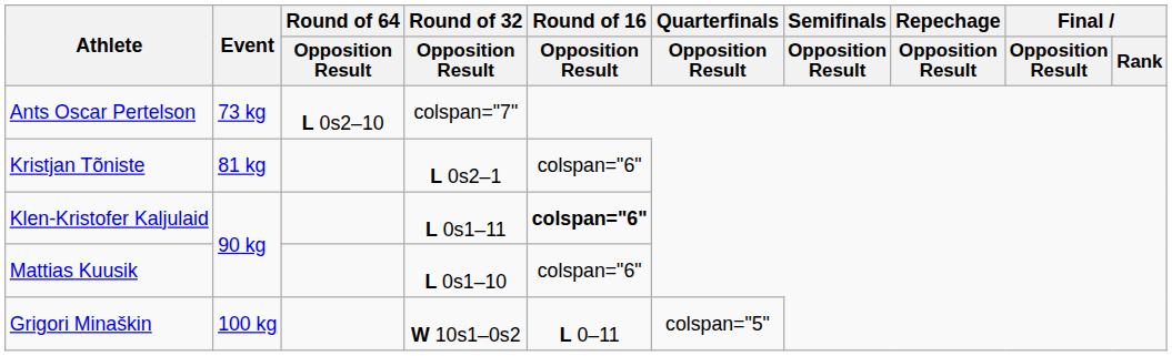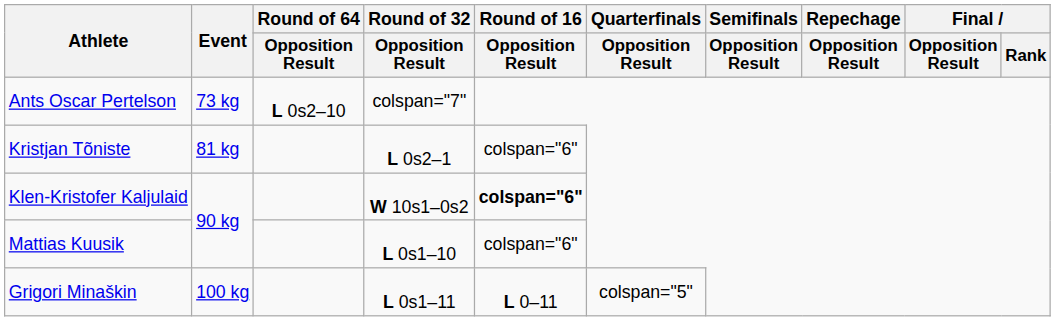 <table class="wikitable" style="font-size:90%">
 <tr>
 <th rowspan="2">Athlete</th>
 <th rowspan="2">Event</th>
 <th>Round of 64</th>
 <th>Round of 32</th>
 <th>Round of 16</th>
 <th>Quarterfinals</th>
 <th>Semifinals</th>
 <th>Repechage</th>
 <th colspan=2>Final / </th>
 </tr>
 <tr style="font-size:95%">
 <th>Opposition<br>Result</th>
 <th>Opposition<br>Result</th>
 <th>Opposition<br>Result</th>
 <th>Opposition<br>Result</th>
 <th>Opposition<br>Result</th>
 <th>Opposition<br>Result</th>
 <th>Opposition<br>Result</th>
 <th>Rank</th>
 </tr>
 <tr align=center>
 <td align=left><a href='#'>Ants Oscar Pertelson</a></td>
 <td align=left><a href='#'>73 kg</a></td>
 <td><br><strong>L</strong> 0s2–10</td>
 <td>colspan="7" </td>
 </tr>
 <tr align=center>
 <td align=left><a href='#'>Kristjan Tõniste</a></td>
 <td align=left><a href='#'>81 kg</a></td>
 <td></td>
 <td><br><strong>L</strong> 0s2–1</td>
 <td>colspan="6" </td>
 </tr>
 <tr align=center>
 <td align=left><a href='#'>Klen-Kristofer Kaljulaid</a></td>
 <td align=left rowspan=2><a href='#'>90 kg</a></td>
 <td></td>
-<td><br><strong>L</strong> 0s1–11</td>
+<td><br><strong>W</strong> 10s1–0s2</td>
 <td><strong>colspan="6" </strong></td>
 </tr>
 <tr align=center>
 <td align=left><a href='#'>Mattias Kuusik</a></td>
 <td></td>
 <td><br><strong>L</strong> 0s1–10</td>
 <td>colspan="6" </td>
 </tr>
 <tr align=center>
 <td align=left><a href='#'>Grigori Minaškin</a></td>
 <td align=left><a href='#'>100 kg</a></td>
 <td></td>
-<td><br><strong>W</strong> 10s1–0s2</td>
+<td><br><strong>L</strong> 0s1–11</td>
 <td><br><strong>L</strong> 0–11</td>
 <td>colspan="5" </td>
 </tr>
 </table>
